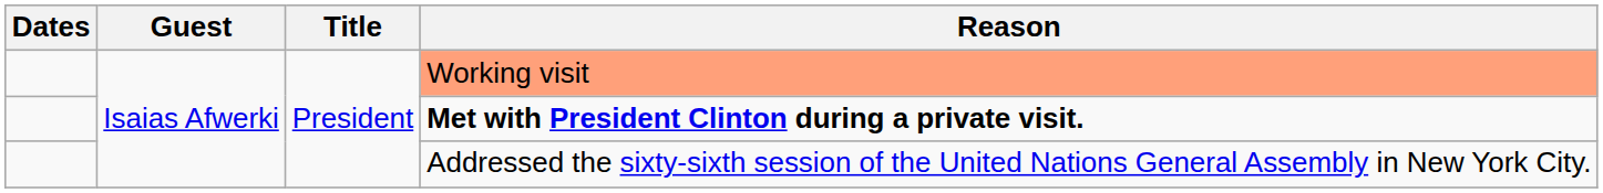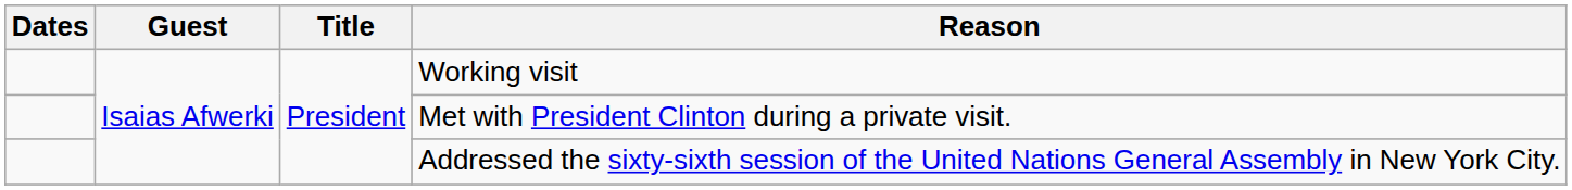 <table class="wikitable sortable">
 <tr>
 <th>Dates</th>
 <th>Guest</th>
 <th>Title</th>
 <th>Reason</th>
 </tr>
 <tr>
 <td></td>
 <td rowspan=3><a href='#'>Isaias Afwerki</a></td>
 <td rowspan=3><a href='#'>President</a></td>
-<td style="background: lightsalmon;">Working visit</td>
+<td>Working visit</td>
 </tr>
 <tr>
 <td></td>
-<td><strong>Met with <a href='#'>President Clinton</a> during a private visit.</strong></td>
+<td>Met with <a href='#'>President Clinton</a> during a private visit.</td>
 </tr>
 <tr>
 <td></td>
 <td>Addressed the <a href='#'>sixty-sixth session of the United Nations General Assembly</a> in New York City.</td>
 </tr>
 </table>
